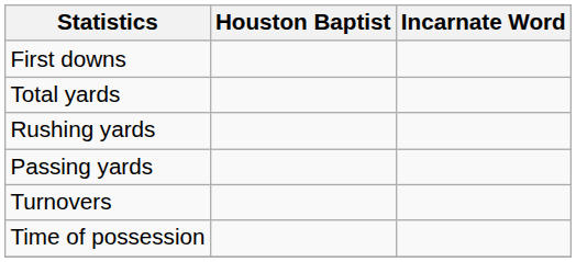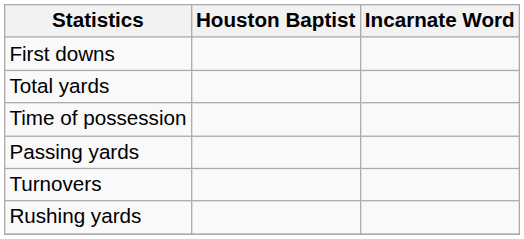 <table class="wikitable">
 <tr>
 <th>Statistics</th>
 <th>Houston Baptist</th>
 <th>Incarnate Word</th>
 </tr>
 <tr>
 <td>First downs</td>
 <td> </td>
 <td> </td>
 </tr>
 <tr>
 <td>Total yards</td>
 <td> </td>
 <td> </td>
 </tr>
 <tr>
-<td>Rushing yards</td>
+<td>Time of possession</td>
 <td> </td>
 <td> </td>
 </tr>
 <tr>
 <td>Passing yards</td>
 <td> </td>
 <td> </td>
 </tr>
 <tr>
 <td>Turnovers</td>
 <td> </td>
 <td> </td>
 </tr>
 <tr>
-<td>Time of possession</td>
+<td>Rushing yards</td>
 <td> </td>
 <td> </td>
 </tr>
 <tr>
 </tr>
 </table>
